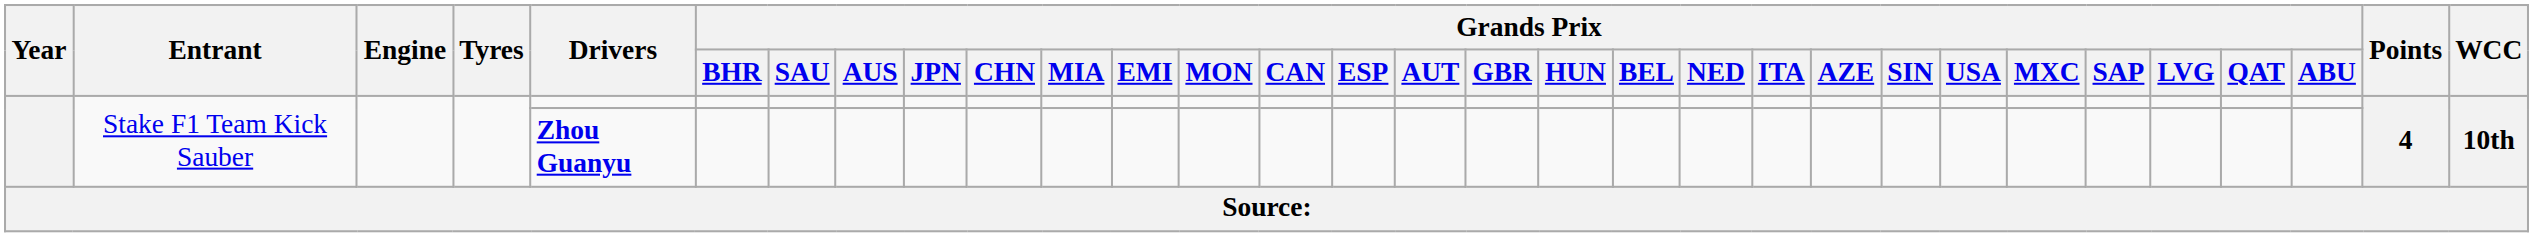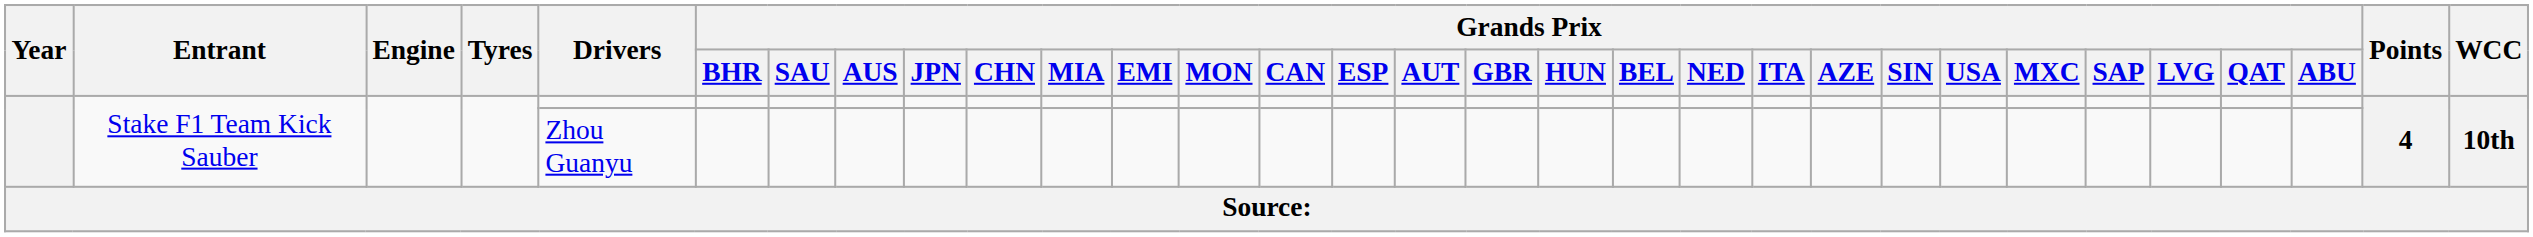 <table class="wikitable" style="text-align:center; font-size:85%">
 <tr>
 <th rowspan="2">Year</th>
 <th rowspan="2">Entrant</th>
 <th rowspan="2">Engine</th>
 <th rowspan="2">Tyres</th>
 <th rowspan="2">Drivers</th>
 <th colspan="24">Grands Prix</th>
 <th rowspan="2">Points</th>
 <th rowspan="2">WCC</th>
 </tr>
 <tr>
 <th><a href='#'>BHR</a></th>
 <th><a href='#'>SAU</a></th>
 <th><a href='#'>AUS</a></th>
 <th><a href='#'>JPN</a></th>
 <th><a href='#'>CHN</a></th>
 <th><a href='#'>MIA</a></th>
 <th><a href='#'>EMI</a></th>
 <th><a href='#'>MON</a></th>
 <th><a href='#'>CAN</a></th>
 <th><a href='#'>ESP</a></th>
 <th><a href='#'>AUT</a></th>
 <th><a href='#'>GBR</a></th>
 <th><a href='#'>HUN</a></th>
 <th><a href='#'>BEL</a></th>
 <th><a href='#'>NED</a></th>
 <th><a href='#'>ITA</a></th>
 <th><a href='#'>AZE</a></th>
 <th><a href='#'>SIN</a></th>
 <th><a href='#'>USA</a></th>
 <th><a href='#'>MXC</a></th>
 <th><a href='#'>SAP</a></th>
 <th><a href='#'>LVG</a></th>
 <th><a href='#'>QAT</a></th>
 <th><a href='#'>ABU</a></th>
 </tr>
 <tr>
 <th rowspan="2"></th>
 <td rowspan="2"><a href='#'>Stake F1 Team Kick Sauber</a></td>
 <td rowspan="2"><br><br></td>
 <td rowspan="2"></td>
 <td align="left"></td>
 <td></td>
 <td></td>
 <td></td>
 <td></td>
 <td></td>
 <td></td>
 <td></td>
 <td></td>
 <td></td>
 <td></td>
 <td></td>
 <td></td>
 <td></td>
 <td></td>
 <td></td>
 <td></td>
 <td></td>
 <td></td>
 <td></td>
 <td></td>
 <td></td>
 <td></td>
 <td></td>
 <td></td>
 <th rowspan="2">4</th>
 <th rowspan="2">10th</th>
 </tr>
 <tr>
-<td align=left><strong> <a href='#'>Zhou Guanyu</a></strong></td>
+<td align=left> <a href='#'>Zhou Guanyu</a></td>
 <td></td>
 <td></td>
 <td></td>
 <td></td>
 <td></td>
 <td></td>
 <td></td>
 <td></td>
 <td></td>
 <td></td>
 <td></td>
 <td></td>
 <td></td>
 <td></td>
 <td></td>
 <td></td>
 <td></td>
 <td></td>
 <td></td>
 <td></td>
 <td></td>
 <td></td>
 <td></td>
 <td></td>
 </tr>
 <tr>
 <th colspan="31">Source: </th>
 </tr>
 </table>
